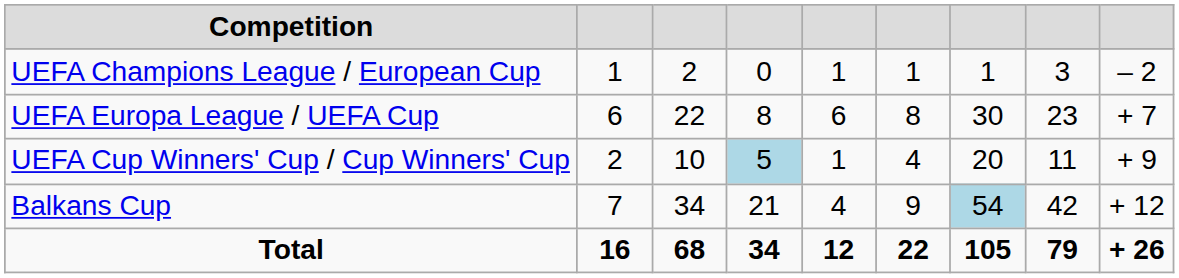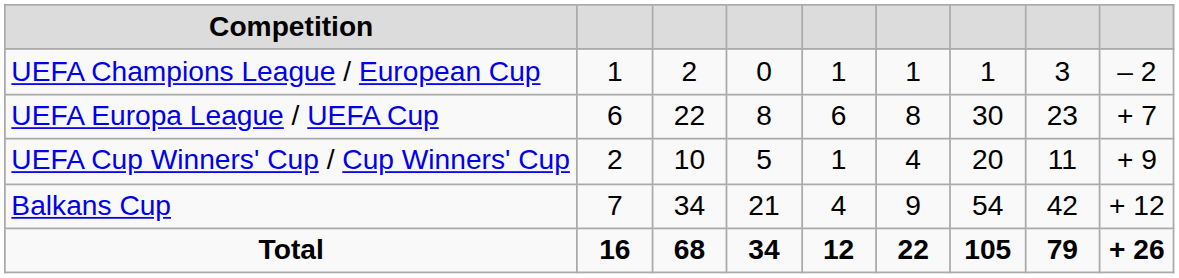 <table class="wikitable" style="text-align: center;">
 <tr>
 <th style="width:318px; background:#dcdcdc;">Competition</th>
 <th style="width:35px; background:#dcdcdc;"></th>
 <th style="width:35px; background:#dcdcdc;"></th>
 <th style="width:35px; background:#dcdcdc;"></th>
 <th style="width:35px; background:#dcdcdc;"></th>
 <th style="width:35px; background:#dcdcdc;"></th>
 <th style="width:35px; background:#dcdcdc;"></th>
 <th style="width:35px; background:#dcdcdc;"></th>
 <th style="width:35px; background:#dcdcdc;"></th>
 </tr>
 <tr>
 <td align=left><a href='#'>UEFA Champions League</a> / <a href='#'>European Cup</a></td>
 <td>1</td>
 <td>2</td>
 <td>0</td>
 <td>1</td>
 <td>1</td>
 <td>1</td>
 <td>3</td>
 <td>– 2</td>
 </tr>
 <tr>
 <td align=left><a href='#'>UEFA Europa League</a> / <a href='#'>UEFA Cup</a></td>
 <td>6</td>
 <td>22</td>
 <td>8</td>
 <td>6</td>
 <td>8</td>
 <td>30</td>
 <td>23</td>
 <td>+ 7</td>
 </tr>
 <tr>
 <td align=left><a href='#'>UEFA Cup Winners' Cup</a> / <a href='#'>Cup Winners' Cup</a></td>
 <td>2</td>
 <td>10</td>
-<td style="background: lightblue;">5</td>
+<td>5</td>
 <td>1</td>
 <td>4</td>
 <td>20</td>
 <td>11</td>
 <td>+ 9</td>
 </tr>
 <tr>
 <td align=left><a href='#'>Balkans Cup</a></td>
 <td>7</td>
 <td>34</td>
 <td>21</td>
 <td>4</td>
 <td>9</td>
-<td style="background: lightblue;">54</td>
+<td>54</td>
 <td>42</td>
 <td>+ 12</td>
 </tr>
 <tr>
 <td><strong>Total</strong></td>
 <td><strong>16</strong></td>
 <td><strong>68</strong></td>
 <td><strong>34</strong></td>
 <td><strong>12</strong></td>
 <td><strong>22</strong></td>
 <td><strong>105</strong></td>
 <td><strong>79</strong></td>
 <td><strong>+ 26</strong></td>
 </tr>
 </table>
